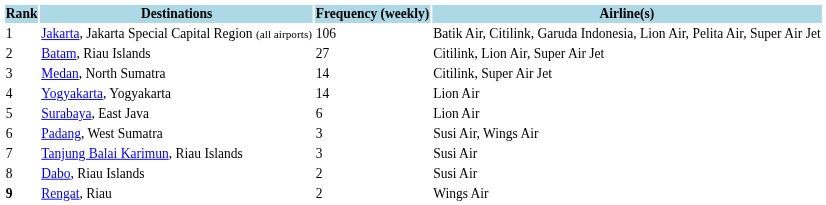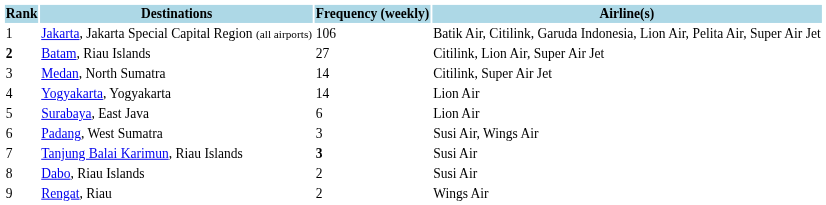 <table class="sortable" style="font-size:89%; align=center;">
 <tr style="background:lightblue;">
 <th>Rank</th>
 <th>Destinations</th>
 <th>Frequency (weekly)</th>
 <th>Airline(s)</th>
 </tr>
 <tr>
 <td>1</td>
 <td> <a href='#'>Jakarta</a>, Jakarta Special Capital Region <small>(all airports)</small></td>
 <td>106</td>
 <td>Batik Air, Citilink, Garuda Indonesia, Lion Air, Pelita Air, Super Air Jet</td>
 </tr>
 <tr>
-<td>2</td>
+<td><strong>2</strong></td>
 <td> <a href='#'>Batam</a>, Riau Islands</td>
 <td>27</td>
 <td>Citilink, Lion Air, Super Air Jet</td>
 </tr>
 <tr>
 <td>3</td>
 <td> <a href='#'>Medan</a>, North Sumatra</td>
 <td>14</td>
 <td>Citilink, Super Air Jet</td>
 </tr>
 <tr>
 <td>4</td>
 <td> <a href='#'>Yogyakarta</a>, Yogyakarta</td>
 <td>14</td>
 <td>Lion Air</td>
 </tr>
 <tr>
 <td>5</td>
 <td> <a href='#'>Surabaya</a>, East Java</td>
 <td>6</td>
 <td>Lion Air</td>
 </tr>
 <tr>
 <td>6</td>
 <td> <a href='#'>Padang</a>, West Sumatra</td>
 <td>3</td>
 <td>Susi Air, Wings Air</td>
 </tr>
 <tr>
 <td>7</td>
 <td> <a href='#'>Tanjung Balai Karimun</a>, Riau Islands</td>
-<td>3</td>
+<td><strong>3</strong></td>
 <td>Susi Air</td>
 </tr>
 <tr>
 <td>8</td>
 <td> <a href='#'>Dabo</a>, Riau Islands</td>
 <td>2</td>
 <td>Susi Air</td>
 </tr>
 <tr>
-<td><strong>9</strong></td>
+<td>9</td>
 <td> <a href='#'>Rengat</a>, Riau</td>
 <td>2</td>
 <td>Wings Air</td>
 </tr>
 <tr>
 </tr>
 </table>
